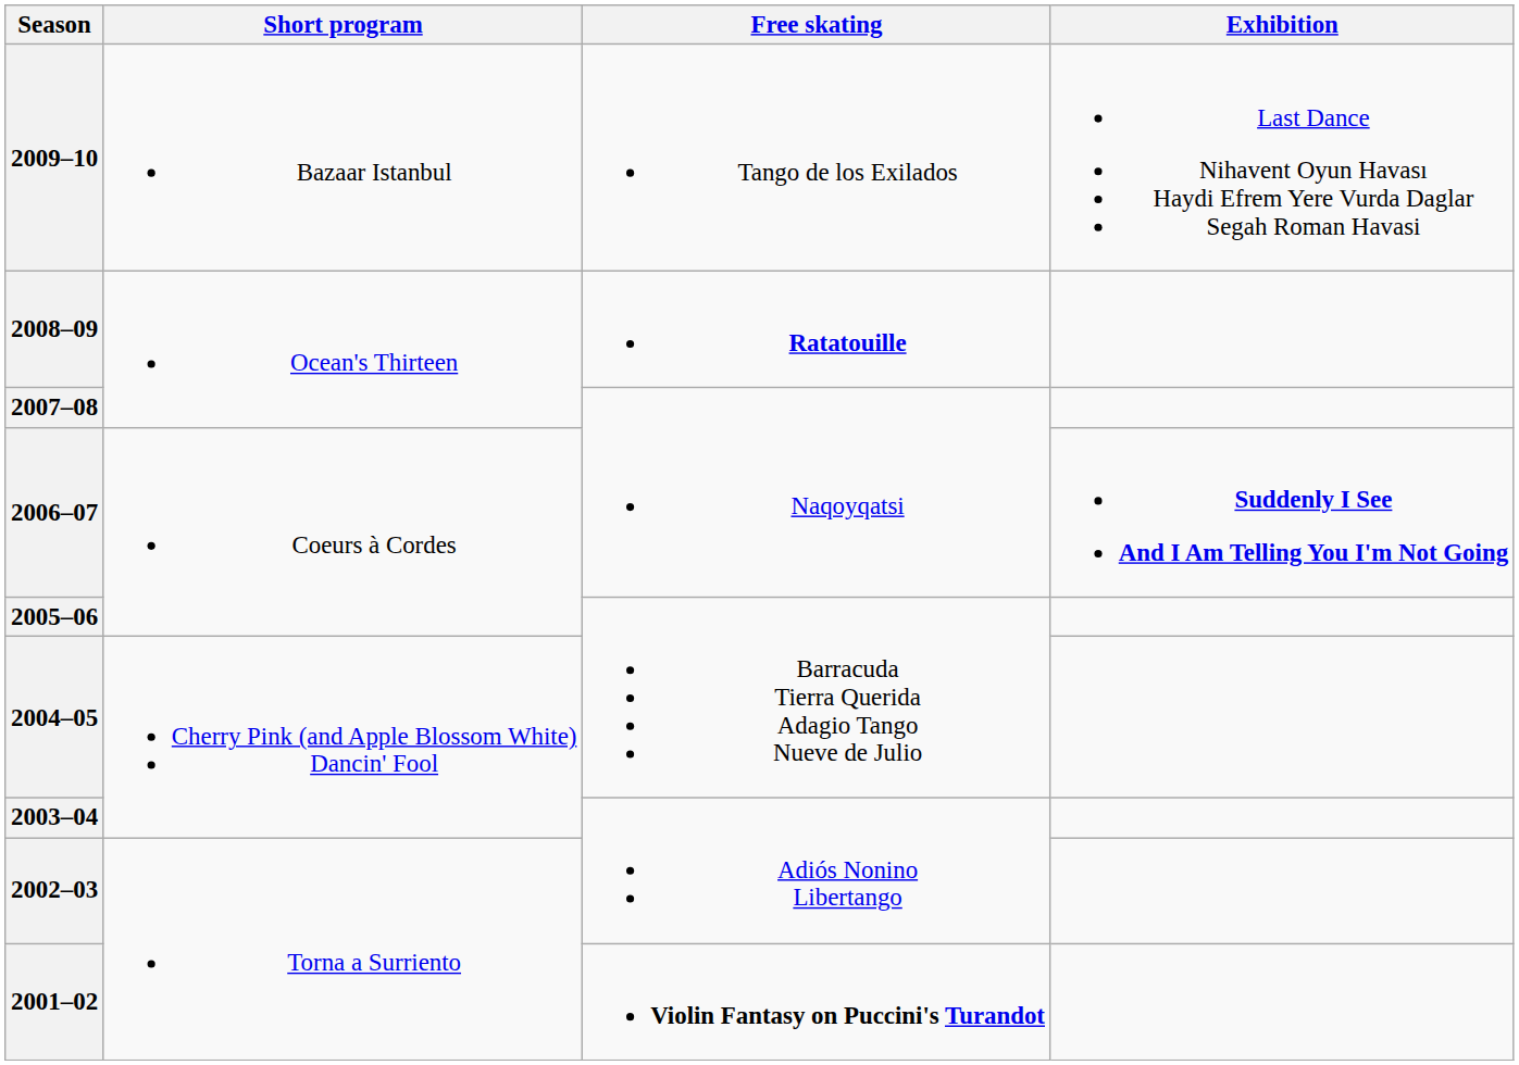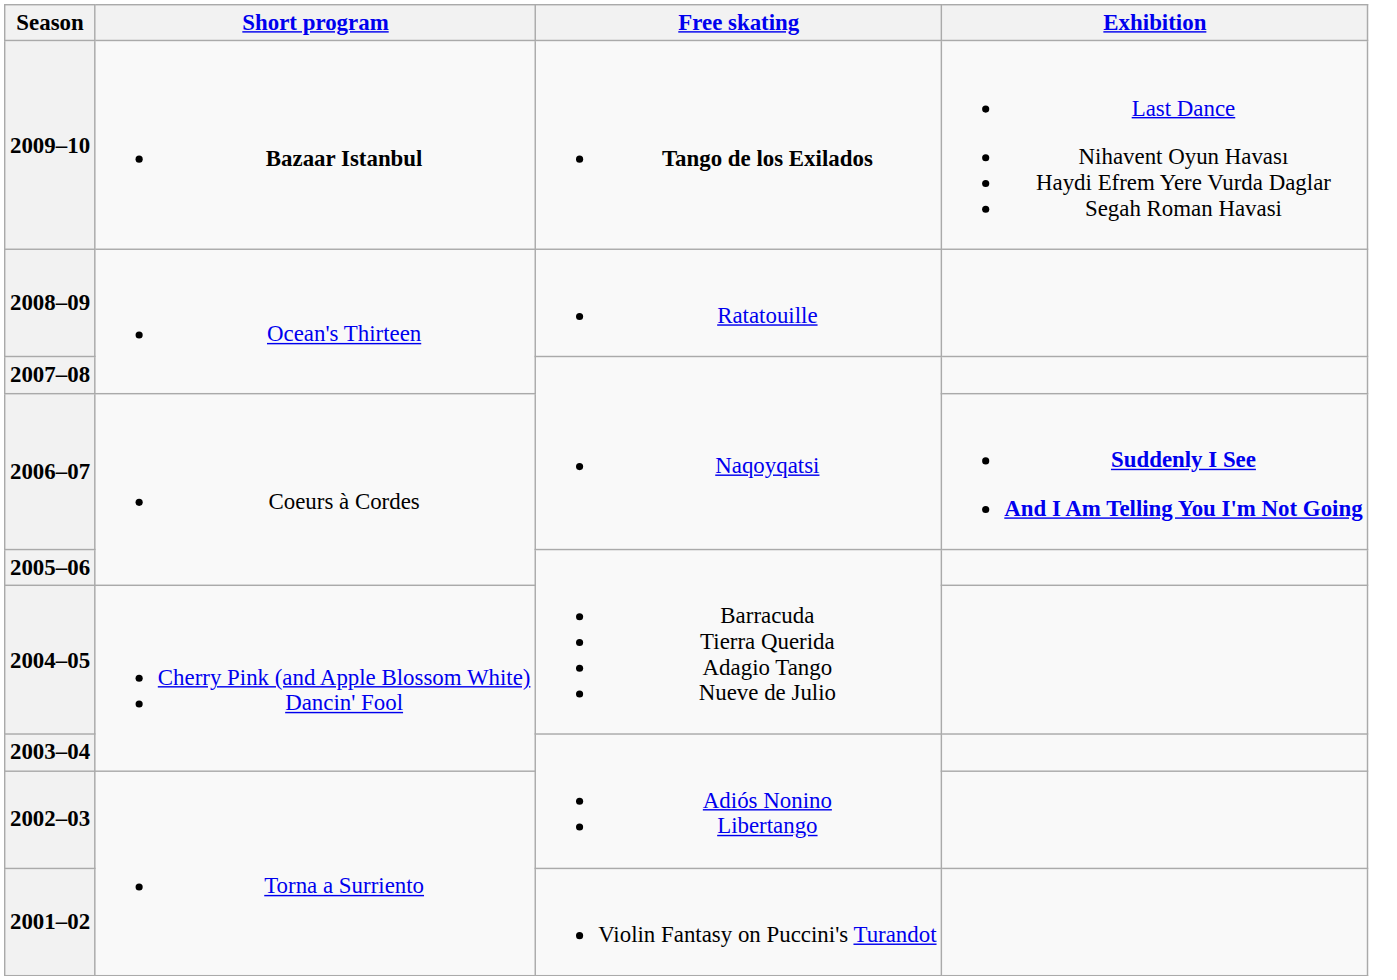 <table class=wikitable style=text-align:center>
 <tr>
 <th>Season</th>
 <th><a href='#'>Short program</a></th>
 <th><a href='#'>Free skating</a></th>
 <th><a href='#'>Exhibition</a></th>
 </tr>
 <tr>
 <th>2009–10 <br> </th>
-<td><br><ul><li>Bazaar Istanbul <br></li></ul></td>
-<td><br><ul><li>Tango de los Exilados <br></li></ul></td>
+<td><strong><br><ul><li>Bazaar Istanbul <br></li></ul></strong></td>
+<td><strong><br><ul><li>Tango de los Exilados <br></li></ul></strong></td>
 <td><br><ul><li><a href='#'>Last Dance</a> <br></li></ul><ul><li>Nihavent Oyun Havası <br></li><li>Haydi Efrem Yere Vurda Daglar</li><li>Segah Roman Havasi <br></li></ul></td>
 </tr>
 <tr>
 <th>2008–09 <br> </th>
 <td rowspan=2><br><ul><li><a href='#'>Ocean's Thirteen</a> <br></li></ul></td>
-<td><strong><br><ul><li><a href='#'>Ratatouille</a> <br></li></ul></strong></td>
+<td><br><ul><li><a href='#'>Ratatouille</a> <br></li></ul></td>
 <td></td>
 </tr>
 <tr>
 <th>2007–08 <br> </th>
 <td rowspan=2><br><ul><li><a href='#'>Naqoyqatsi</a> <br></li></ul></td>
 <td></td>
 </tr>
 <tr>
 <th>2006–07 <br> </th>
 <td rowspan=2><br><ul><li>Coeurs à Cordes <br></li></ul></td>
 <td><strong><br><ul><li><a href='#'>Suddenly I See</a> <br></li></ul><ul><li><a href='#'>And I Am Telling You I'm Not Going</a> <br></li></ul></strong></td>
 </tr>
 <tr>
 <th>2005–06 <br> </th>
 <td rowspan=2><br><ul><li>Barracuda <br></li><li>Tierra Querida <br></li><li>Adagio Tango <br></li><li>Nueve de Julio <br></li></ul></td>
 <td></td>
 </tr>
 <tr>
 <th>2004–05 <br> </th>
 <td rowspan=2><br><ul><li><a href='#'>Cherry Pink (and Apple Blossom White)</a> <br></li><li><a href='#'>Dancin' Fool</a> <br></li></ul></td>
 <td></td>
 </tr>
 <tr>
 <th>2003–04 <br> </th>
 <td rowspan=2><br><ul><li><a href='#'>Adiós Nonino</a> <br></li><li><a href='#'>Libertango</a> <br></li></ul></td>
 <td></td>
 </tr>
 <tr>
 <th>2002–03 <br> </th>
 <td rowspan=2><br><ul><li><a href='#'>Torna a Surriento</a> <br></li></ul></td>
 <td></td>
 </tr>
 <tr>
 <th>2001–02 <br> </th>
-<td><strong><br><ul><li>Violin Fantasy on Puccini's <a href='#'>Turandot</a> <br></li></ul></strong></td>
+<td><br><ul><li>Violin Fantasy on Puccini's <a href='#'>Turandot</a> <br></li></ul></td>
 <td></td>
 </tr>
 </table>
